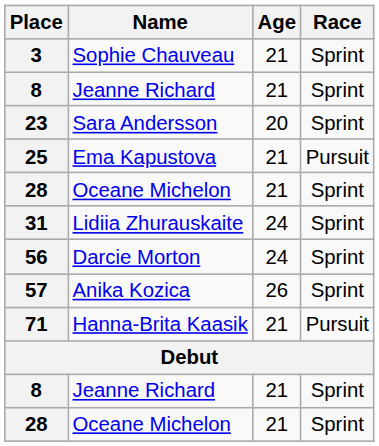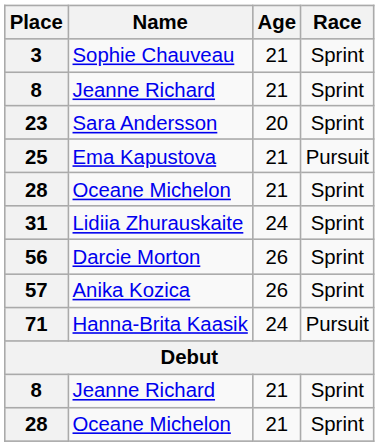 <table class="wikitable plainrowheaders" style="font-size:80%; text-align:center; display:inline-table;">
 <tr>
 <th>Place</th>
 <th>Name</th>
 <th>Age</th>
 <th>Race</th>
 </tr>
 <tr>
 <th>3</th>
 <td style="text-align:left"> <a href='#'>Sophie Chauveau</a></td>
 <td>21</td>
 <td>Sprint</td>
 </tr>
 <tr>
 <th>8</th>
 <td style="text-align:left"> <a href='#'>Jeanne Richard</a></td>
 <td>21</td>
 <td>Sprint</td>
 </tr>
 <tr>
 <th>23</th>
 <td style="text-align:left"> <a href='#'>Sara Andersson</a></td>
 <td>20</td>
 <td>Sprint</td>
 </tr>
 <tr>
 <th>25</th>
 <td style="text-align:left"> <a href='#'>Ema Kapustova</a></td>
 <td>21</td>
 <td>Pursuit</td>
 </tr>
 <tr>
 <th>28</th>
 <td style="text-align:left"> <a href='#'>Oceane Michelon</a></td>
 <td>21</td>
 <td>Sprint</td>
 </tr>
 <tr>
 <th>31</th>
 <td style="text-align:left"> <a href='#'>Lidiia Zhurauskaite</a></td>
 <td>24</td>
 <td>Sprint</td>
 </tr>
 <tr>
 <th>56</th>
 <td style="text-align:left"> <a href='#'>Darcie Morton</a></td>
-<td>24</td>
+<td>26</td>
 <td>Sprint</td>
 </tr>
 <tr>
 <th>57</th>
 <td style="text-align:left"> <a href='#'>Anika Kozica</a></td>
 <td>26</td>
 <td>Sprint</td>
 </tr>
 <tr>
 <th>71</th>
 <td style="text-align:left"> <a href='#'>Hanna-Brita Kaasik</a></td>
-<td>21</td>
+<td>24</td>
 <td>Pursuit</td>
 </tr>
 <tr>
 <th colspan=4>Debut</th>
 </tr>
 <tr>
 <th>8</th>
 <td style="text-align:left"> <a href='#'>Jeanne Richard</a></td>
 <td>21</td>
 <td>Sprint</td>
 </tr>
 <tr>
 <th>28</th>
 <td style="text-align:left"> <a href='#'>Oceane Michelon</a></td>
 <td>21</td>
 <td>Sprint</td>
 </tr>
 </table>
